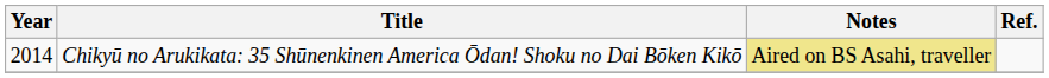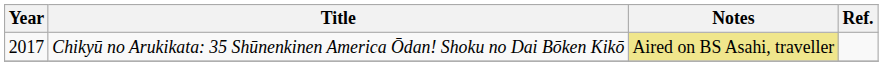 <table class="wikitable">
 <tr>
 <th>Year</th>
 <th>Title</th>
 <th>Notes</th>
 <th>Ref.</th>
 </tr>
 <tr>
-<td>2014</td>
+<td>2017</td>
 <td><em>Chikyū no Arukikata: 35 Shūnenkinen America Ōdan! Shoku no Dai Bōken Kikō</em></td>
 <td style="background: khaki;">Aired on BS Asahi, traveller</td>
 <td></td>
 </tr>
 <tr>
 </tr>
 </table>
